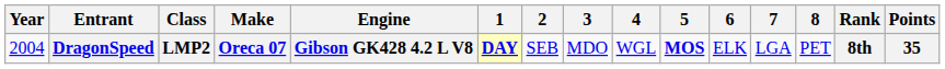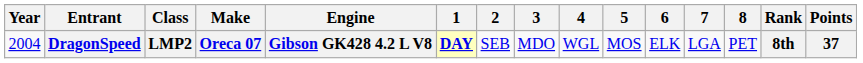 <table class="wikitable" style="text-align:center; font-size:85%">
 <tr>
 <th>Year</th>
 <th>Entrant</th>
 <th>Class</th>
 <th>Make</th>
 <th>Engine</th>
 <th>1</th>
 <th>2</th>
 <th>3</th>
 <th>4</th>
 <th>5</th>
 <th>6</th>
 <th>7</th>
 <th>8</th>
 <th>Rank</th>
 <th>Points</th>
 </tr>
 <tr>
 <td><a href='#'>2004</a></td>
 <th><a href='#'>DragonSpeed</a></th>
 <th>LMP2</th>
 <th nowrap><a href='#'>Oreca 07</a></th>
 <th nowrap><a href='#'>Gibson</a> GK428 4.2 L V8</th>
 <td style="background:#FFFFBF;"><strong><a href='#'>DAY</a><br></strong></td>
 <td><a href='#'>SEB</a></td>
 <td><a href='#'>MDO</a></td>
 <td><a href='#'>WGL</a></td>
-<td><strong><a href='#'>MOS</a></strong></td>
+<td><a href='#'>MOS</a></td>
 <td><a href='#'>ELK</a></td>
 <td><a href='#'>LGA</a></td>
 <td><a href='#'>PET</a></td>
 <th>8th</th>
-<th>35</th>
+<th>37</th>
 </tr>
 </table>
